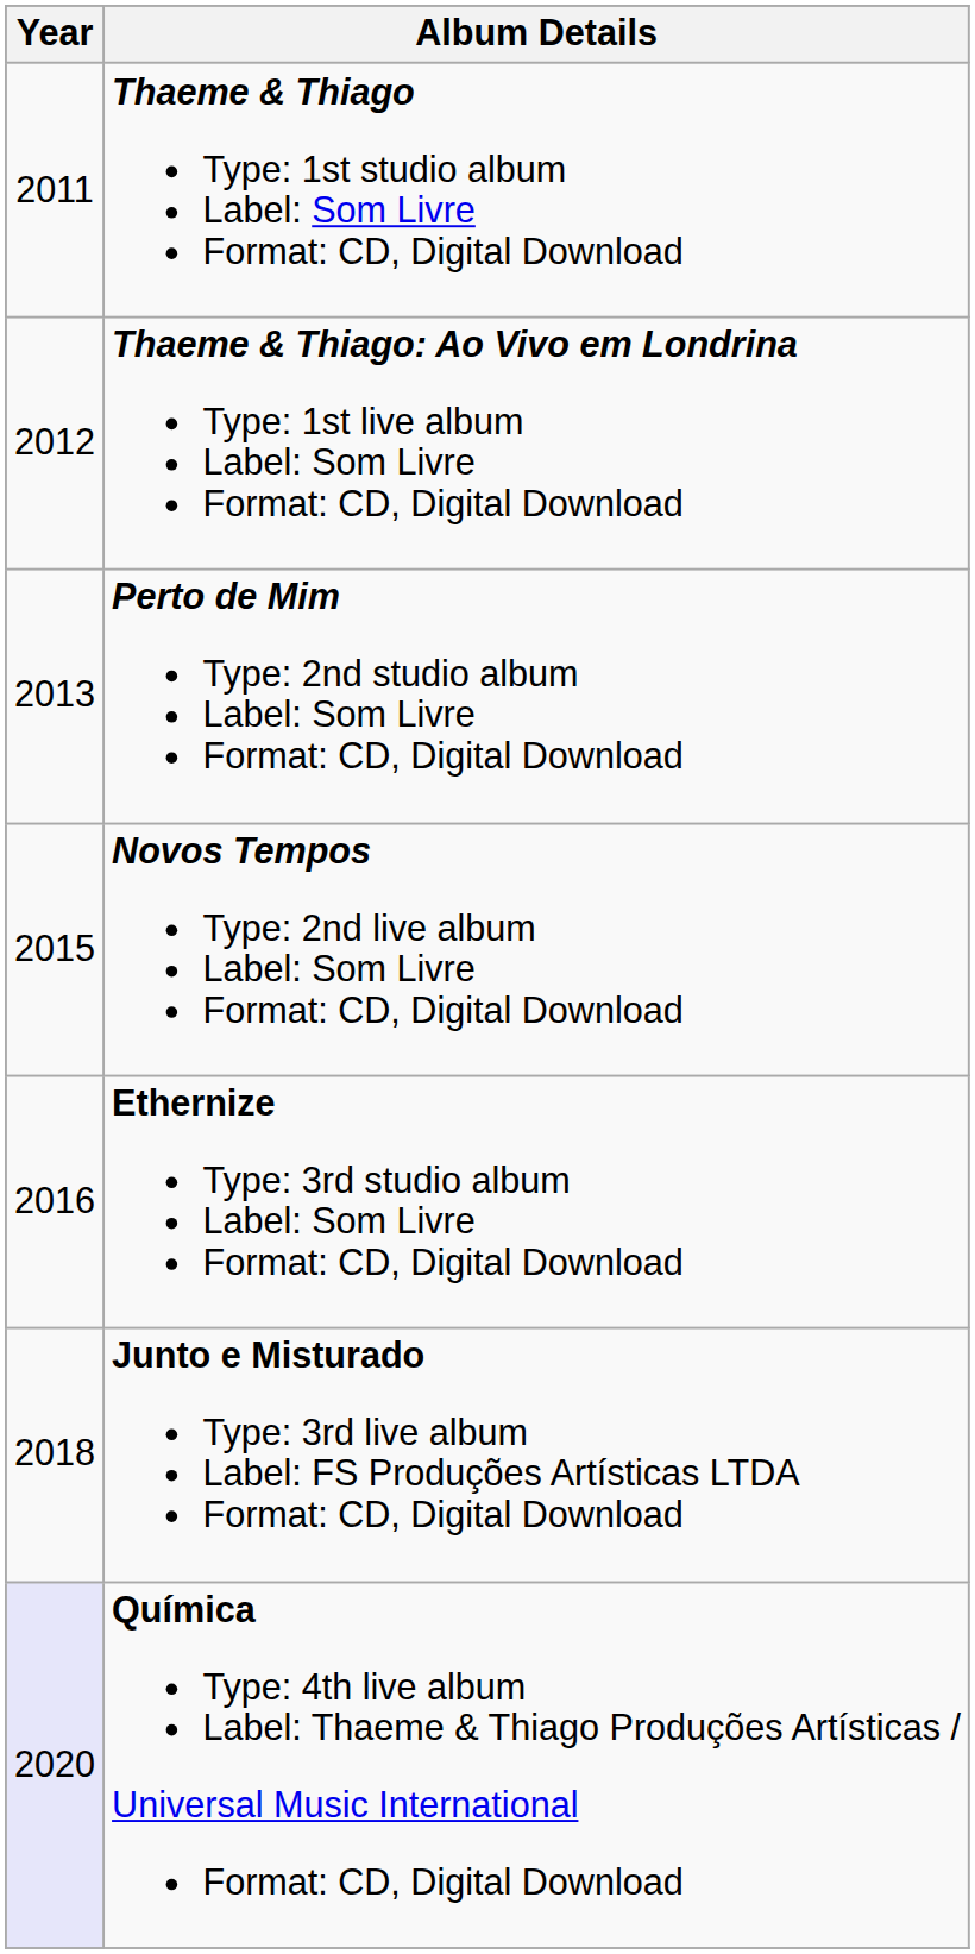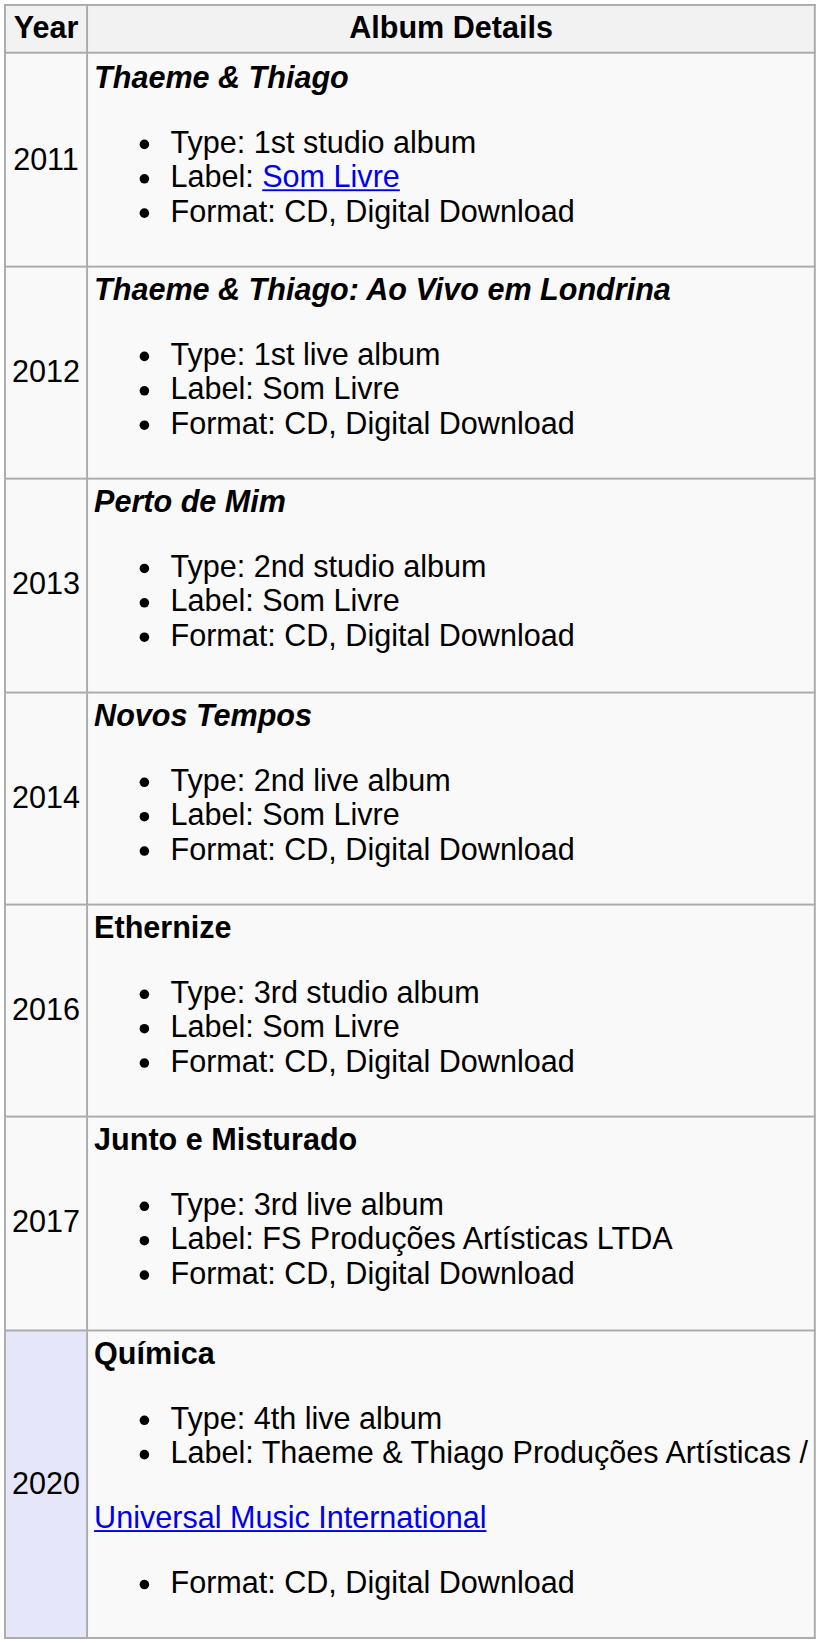 <table class="wikitable" style="text-align:center;">
 <tr>
 <th>Year</th>
 <th>Album Details</th>
 </tr>
 <tr>
 <td>2011</td>
 <td align="left"><strong><em>Thaeme & Thiago</em></strong><br><ul><li>Type: 1st studio album</li><li>Label: <a href='#'>Som Livre</a></li><li>Format: CD, Digital Download</li></ul></td>
 </tr>
 <tr>
 <td>2012</td>
 <td align="left"><strong><em>Thaeme & Thiago: Ao Vivo em Londrina</em></strong><br><ul><li>Type: 1st live album</li><li>Label: Som Livre</li><li>Format: CD, Digital Download</li></ul></td>
 </tr>
 <tr>
 <td>2013</td>
 <td align="left"><strong><em>Perto de Mim</em></strong><br><ul><li>Type: 2nd studio album</li><li>Label: Som Livre</li><li>Format: CD, Digital Download</li></ul></td>
 </tr>
 <tr>
-<td>2015</td>
+<td>2014</td>
 <td align="left"><strong><em>Novos Tempos</em></strong><br><ul><li>Type: 2nd live album</li><li>Label: Som Livre</li><li>Format: CD, Digital Download</li></ul></td>
 </tr>
 <tr>
 <td>2016</td>
 <td align="left"><strong>Ethernize</strong><br><ul><li>Type: 3rd studio album</li><li>Label: Som Livre</li><li>Format: CD, Digital Download</li></ul></td>
 </tr>
 <tr>
-<td>2018</td>
+<td>2017</td>
 <td align="left"><strong>Junto e Misturado</strong><br><ul><li>Type: 3rd live album</li><li>Label: FS Produções Artísticas LTDA</li><li>Format: CD, Digital Download</li></ul></td>
 </tr>
 <tr>
 <td style="background: lavender;">2020</td>
 <td align="left"><strong>Química</strong><br><ul><li>Type: 4th live album</li><li>Label: Thaeme & Thiago Produções Artísticas /</li></ul><a href='#'>Universal Music International</a><ul><li>Format: CD, Digital Download</li></ul></td>
 </tr>
 </table>
